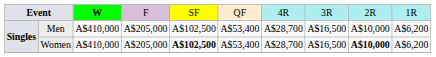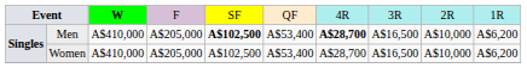 <table class=wikitable style=font-size:90%;text-align:center>
 <tr>
 <td width=200 colspan=2 bgcolor=#dfe2e9><strong>Event</strong></td>
 <td width=80 bgcolor=lime><strong>W</strong></td>
 <td width=85 bgcolor=#D8BFD8>F</td>
 <td width=85 bgcolor=#FFFF00>SF</td>
 <td width=85 bgcolor=#ffebcd>QF</td>
 <td width=85 bgcolor=#afeeee>4R</td>
 <td width=85 bgcolor=#afeeee>3R</td>
 <td width=85 bgcolor=#afeeee>2R</td>
 <td width=85 bgcolor=#afeeee>1R</td>
 </tr>
 <tr>
 <td rowspan=2 bgcolor=#dfe2e9><strong>Singles</strong></td>
 <td bgcolor=#EDEDED>Men</td>
 <td>A$410,000</td>
 <td>A$205,000</td>
+<td><strong>A$102,500</strong></td>
+<td>A$53,400</td>
+<td><strong>A$28,700</strong></td>
+<td>A$16,500</td>
+<td>A$10,000</td>
+<td>A$6,200</td>
+</tr>
+<tr>
+<td bgcolor=#EDEDED>Women</td>
+<td>A$410,000</td>
+<td>A$205,000</td>
 <td>A$102,500</td>
 <td>A$53,400</td>
 <td>A$28,700</td>
 <td>A$16,500</td>
 <td>A$10,000</td>
 <td>A$6,200</td>
 </tr>
 <tr>
-<td bgcolor=#EDEDED>Women</td>
-<td>A$410,000</td>
-<td>A$205,000</td>
-<td><strong>A$102,500</strong></td>
-<td>A$53,400</td>
-<td>A$28,700</td>
-<td>A$16,500</td>
-<td><strong>A$10,000</strong></td>
-<td>A$6,200</td>
-</tr>
-<tr>
 </tr>
 </table>
